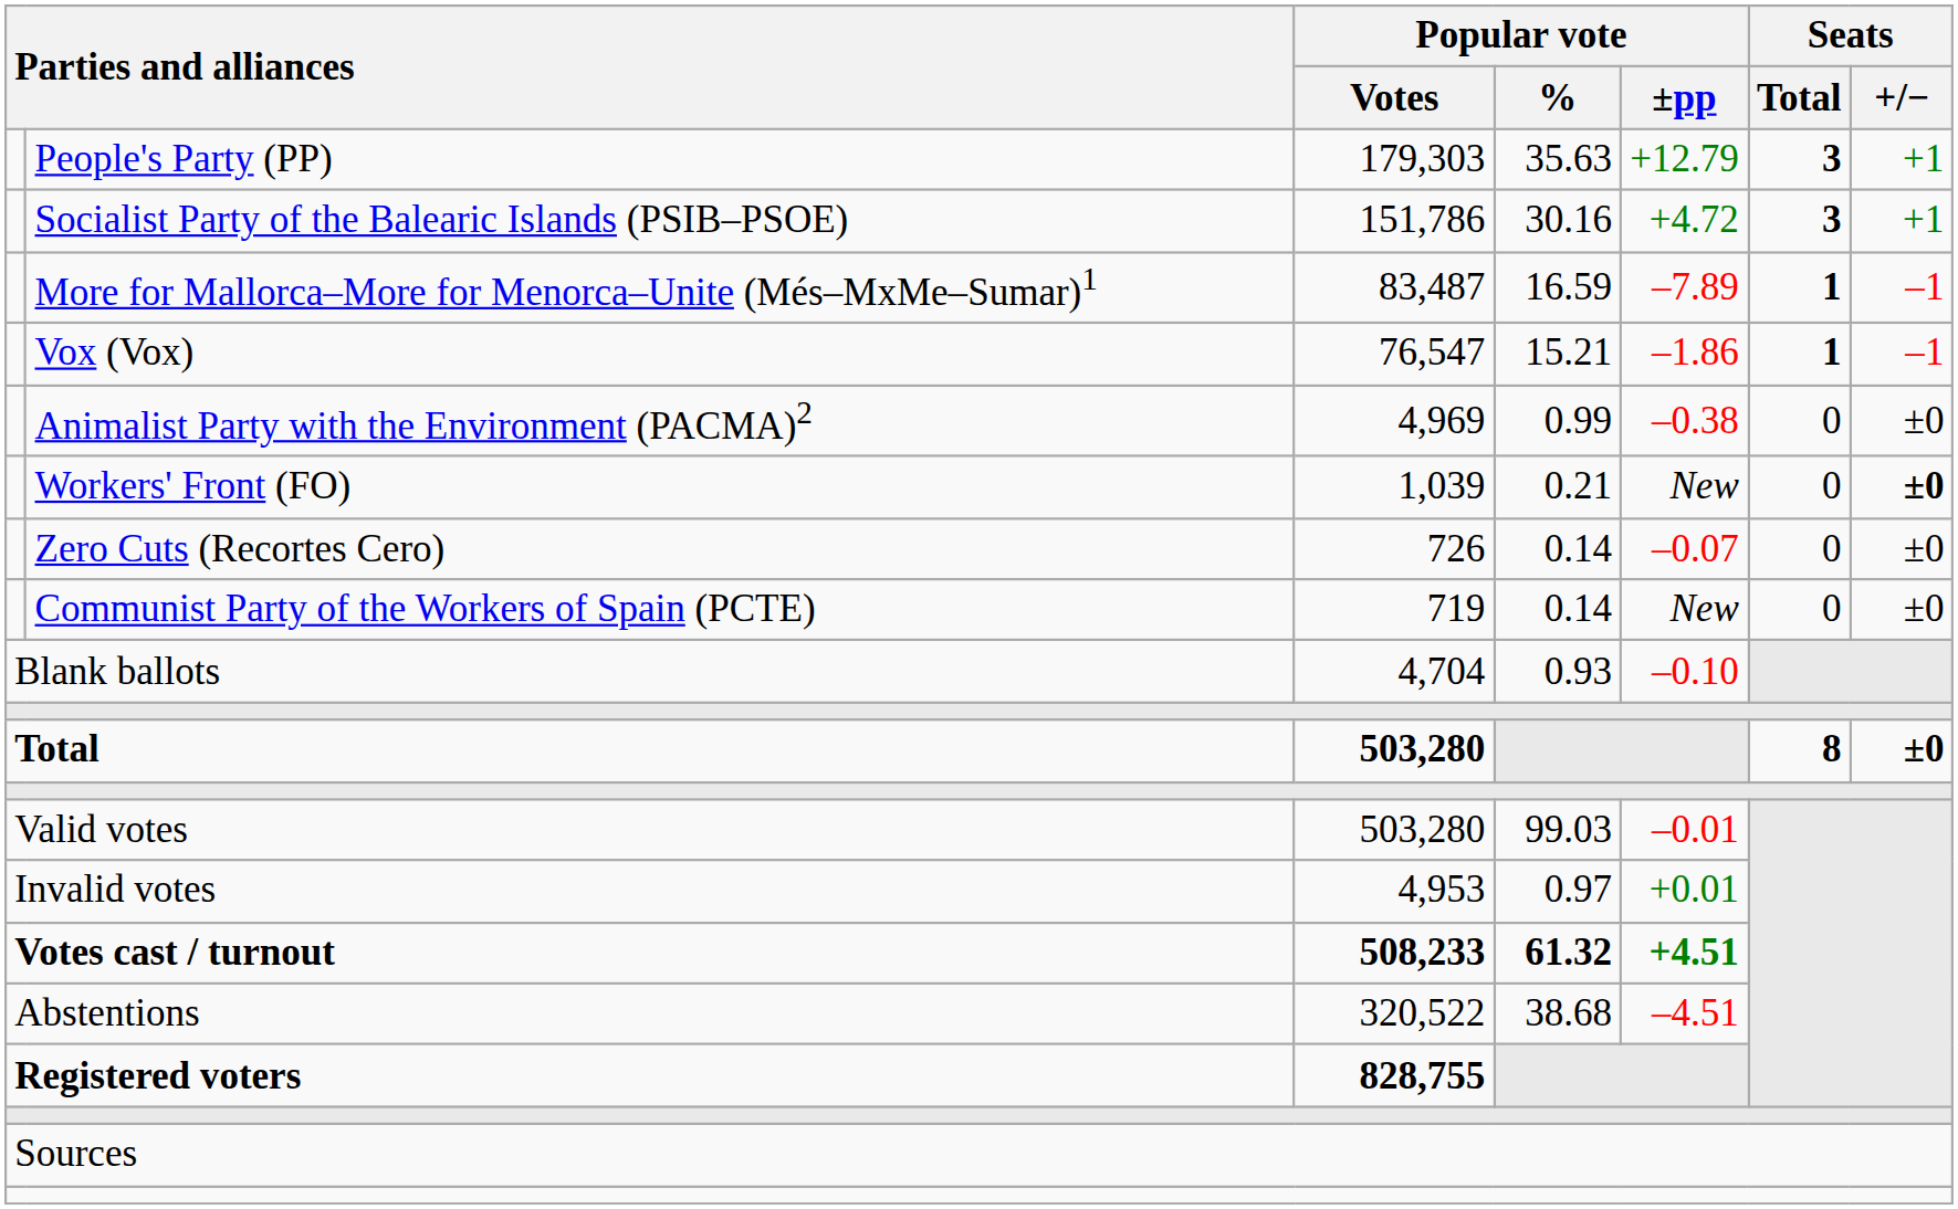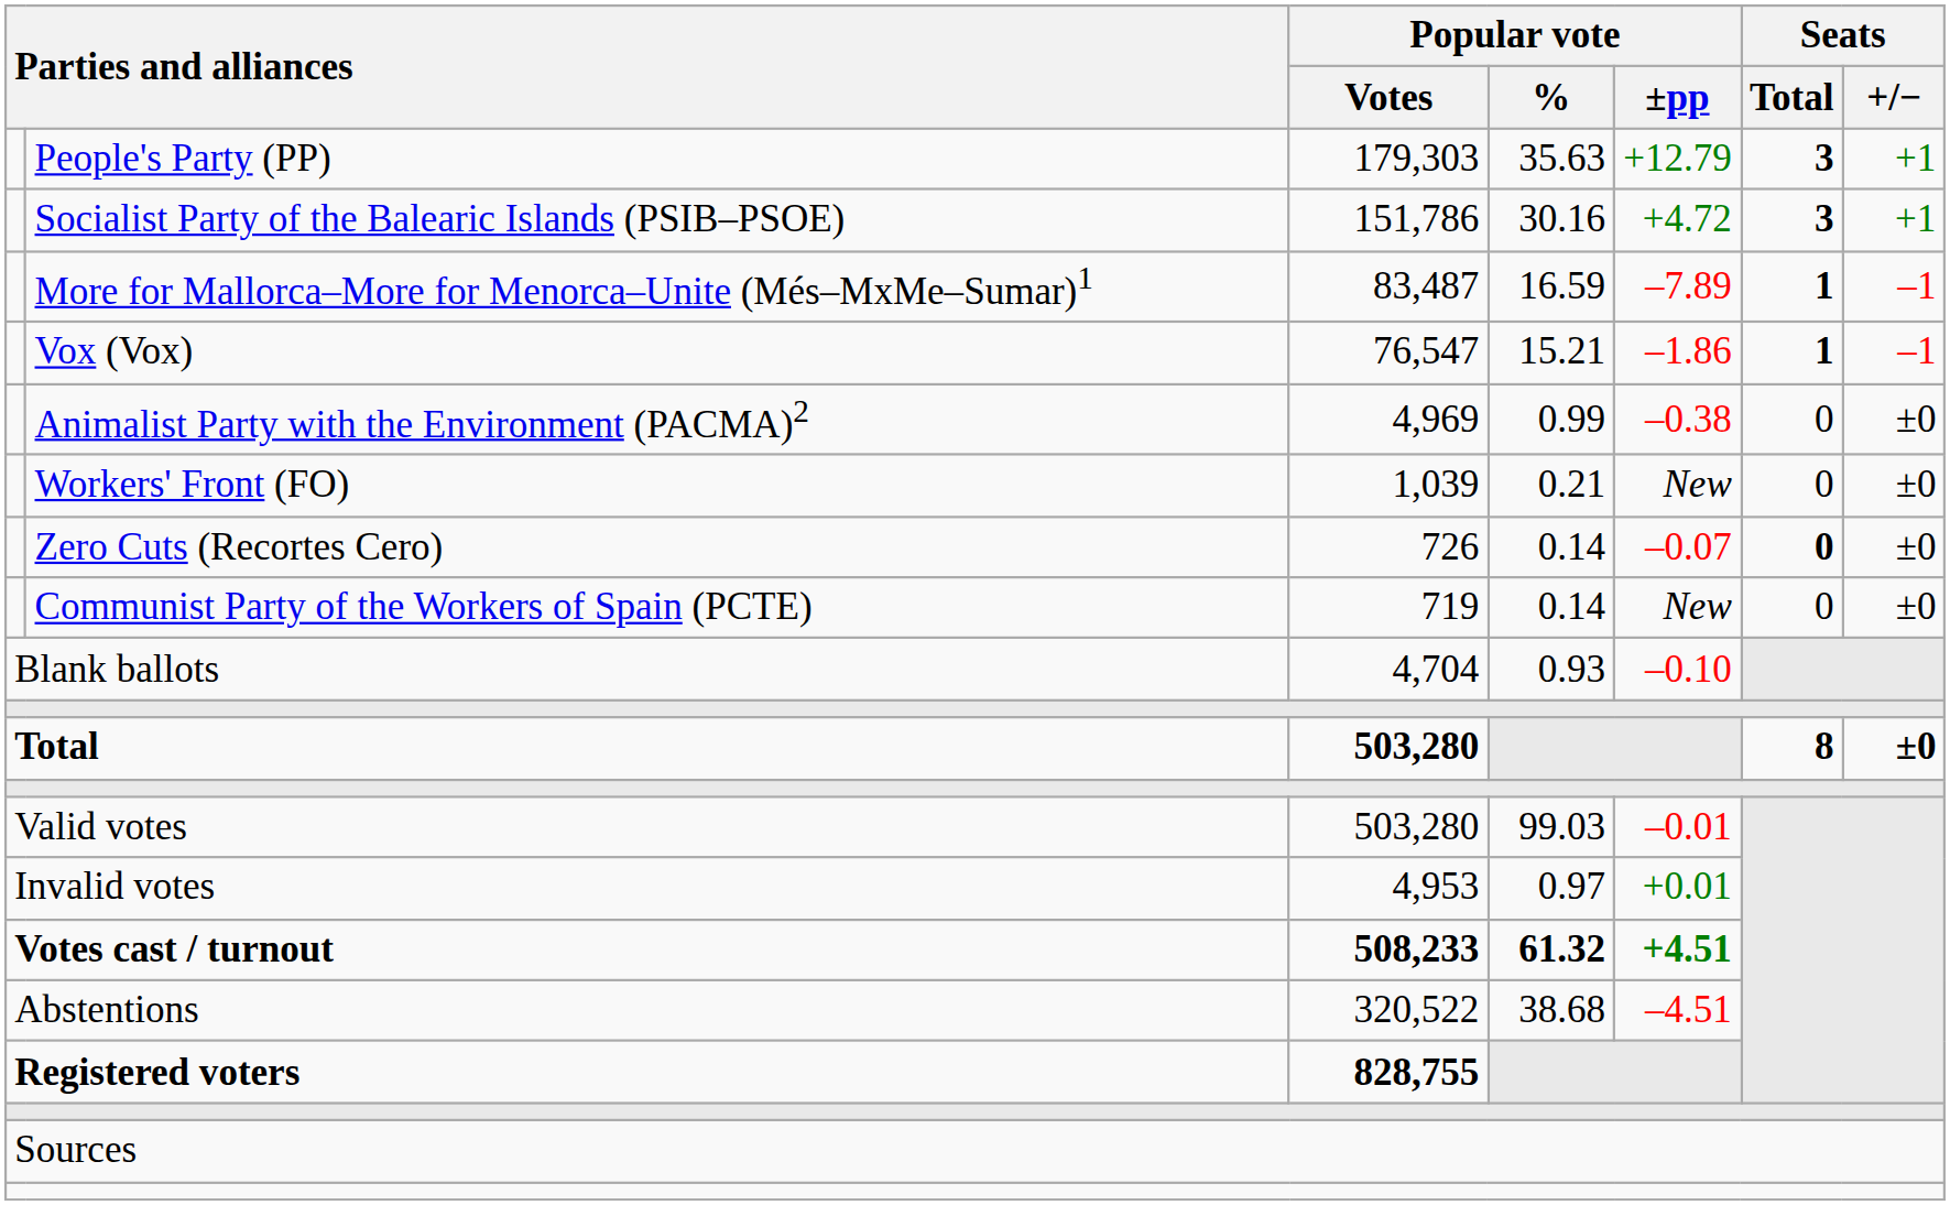 <table class="wikitable" style="text-align:right;">
 <tr>
 <th style="text-align:left;" rowspan="2" colspan="2" width="525">Parties and alliances</th>
 <th colspan="3">Popular vote</th>
 <th colspan="2">Seats</th>
 </tr>
 <tr>
 <th width="75">Votes</th>
 <th width="45">%</th>
 <th width="45">±<a href='#'>pp</a></th>
 <th width="35">Total</th>
 <th width="35">+/−</th>
 </tr>
 <tr>
 <td width="1" style="color:inherit;background:"></td>
 <td align="left"><a href='#'>People's Party</a> (PP)</td>
 <td>179,303</td>
 <td>35.63</td>
 <td style="color:green;">+12.79</td>
 <td><strong>3</strong></td>
 <td style="color:green;">+1</td>
 </tr>
 <tr>
 <td style="color:inherit;background:"></td>
 <td align="left"><a href='#'>Socialist Party of the Balearic Islands</a> (PSIB–PSOE)</td>
 <td>151,786</td>
 <td>30.16</td>
 <td style="color:green;">+4.72</td>
 <td><strong>3</strong></td>
 <td style="color:green;">+1</td>
 </tr>
 <tr>
 <td style="color:inherit;background:"></td>
 <td align="left"><a href='#'>More for Mallorca–More for Menorca–Unite</a> (Més–MxMe–Sumar)<sup>1</sup></td>
 <td>83,487</td>
 <td>16.59</td>
 <td style="color:red;">–7.89</td>
 <td><strong>1</strong></td>
 <td style="color:red;">–1</td>
 </tr>
 <tr>
 <td style="color:inherit;background:"></td>
 <td align="left"><a href='#'>Vox</a> (Vox)</td>
 <td>76,547</td>
 <td>15.21</td>
 <td style="color:red;">–1.86</td>
 <td><strong>1</strong></td>
 <td style="color:red;">–1</td>
 </tr>
 <tr>
 <td style="color:inherit;background:"></td>
 <td align="left"><a href='#'>Animalist Party with the Environment</a> (PACMA)<sup>2</sup></td>
 <td>4,969</td>
 <td>0.99</td>
 <td style="color:red;">–0.38</td>
 <td>0</td>
 <td>±0</td>
 </tr>
 <tr>
 <td style="color:inherit;background:"></td>
 <td align="left"><a href='#'>Workers' Front</a> (FO)</td>
 <td>1,039</td>
 <td>0.21</td>
 <td><em>New</em></td>
 <td>0</td>
-<td><strong>±0</strong></td>
+<td>±0</td>
 </tr>
 <tr>
 <td style="color:inherit;background:"></td>
 <td align="left"><a href='#'>Zero Cuts</a> (Recortes Cero)</td>
 <td>726</td>
 <td>0.14</td>
 <td style="color:red;">–0.07</td>
-<td>0</td>
+<td><strong>0</strong></td>
 <td>±0</td>
 </tr>
 <tr>
 <td style="color:inherit;background:"></td>
 <td align="left"><a href='#'>Communist Party of the Workers of Spain</a> (PCTE)</td>
 <td>719</td>
 <td>0.14</td>
 <td><em>New</em></td>
 <td>0</td>
 <td>±0</td>
 </tr>
 <tr>
 <td align="left" colspan="2">Blank ballots</td>
 <td>4,704</td>
 <td>0.93</td>
 <td style="color:red;">–0.10</td>
 <td bgcolor="#E9E9E9" colspan="2"></td>
 </tr>
 <tr>
 <td colspan="7" bgcolor="#E9E9E9"></td>
 </tr>
 <tr style="font-weight:bold;">
 <td align="left" colspan="2">Total</td>
 <td>503,280</td>
 <td bgcolor="#E9E9E9" colspan="2"></td>
 <td>8</td>
 <td>±0</td>
 </tr>
 <tr>
 <td colspan="7" bgcolor="#E9E9E9"></td>
 </tr>
 <tr>
 <td align="left" colspan="2">Valid votes</td>
 <td>503,280</td>
 <td>99.03</td>
 <td style="color:red;">–0.01</td>
 <td bgcolor="#E9E9E9" colspan="2" rowspan="5"></td>
 </tr>
 <tr>
 <td align="left" colspan="2">Invalid votes</td>
 <td>4,953</td>
 <td>0.97</td>
 <td style="color:green;">+0.01</td>
 </tr>
 <tr style="font-weight:bold;">
 <td align="left" colspan="2">Votes cast / turnout</td>
 <td>508,233</td>
 <td>61.32</td>
 <td style="color:green;">+4.51</td>
 </tr>
 <tr>
 <td align="left" colspan="2">Abstentions</td>
 <td>320,522</td>
 <td>38.68</td>
 <td style="color:red;">–4.51</td>
 </tr>
 <tr style="font-weight:bold;">
 <td align="left" colspan="2">Registered voters</td>
 <td>828,755</td>
 <td bgcolor="#E9E9E9" colspan="2"></td>
 </tr>
 <tr>
 <td colspan="7" bgcolor="#E9E9E9"></td>
 </tr>
 <tr>
 <td align="left" colspan="7">Sources</td>
 </tr>
 <tr>
 <td colspan="7" style="text-align:left; max-width:790px;"></td>
 </tr>
 </table>
